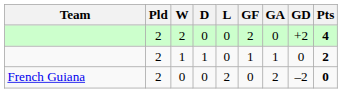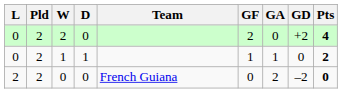 <table class="wikitable" style="text-align:center;">
 <tr>
-<th width=165>Team</th>
+<th width=20>L</th>
 <th width=20>Pld</th>
 <th width=20>W</th>
 <th width=20>D</th>
-<th width=20>L</th>
+<th width=165>Team</th>
 <th width=20>GF</th>
 <th width=20>GA</th>
 <th Width=20>GD</th>
 <th width=20>Pts</th>
 </tr>
 <tr align=center style="background:#ccffcc;">
-<td style="text-align:left;"></td>
+<td>0</td>
 <td>2</td>
 <td>2</td>
 <td>0</td>
-<td>0</td>
+<td style="text-align:left;"></td>
 <td>2</td>
 <td>0</td>
 <td>+2</td>
 <td><strong>4</strong></td>
 </tr>
 <tr align=center>
-<td style="text-align:left;"></td>
+<td>0</td>
 <td>2</td>
 <td>1</td>
 <td>1</td>
-<td>0</td>
+<td style="text-align:left;"></td>
 <td>1</td>
 <td>1</td>
 <td>0</td>
 <td><strong>2</strong></td>
 </tr>
 <tr align=center>
-<td style="text-align:left;"> <a href='#'>French Guiana</a></td>
+<td>2</td>
 <td>2</td>
 <td>0</td>
 <td>0</td>
-<td>2</td>
+<td style="text-align:left;"> <a href='#'>French Guiana</a></td>
 <td>0</td>
 <td>2</td>
 <td>–2</td>
 <td><strong>0</strong></td>
 </tr>
 </table>
